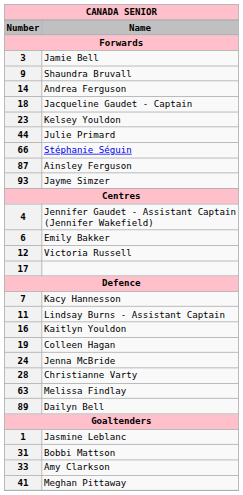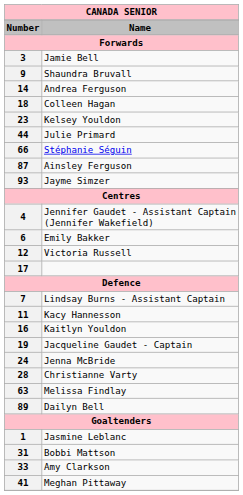 <table class="wikitable" style="text-align:left; font-size:90%;">
 <tr>
 <th style=background:pink colspan=3>CANADA SENIOR</th>
 </tr>
 <tr>
 </tr>
 <tr>
 <th width=10 style="background:silver;">Number</th>
 <th style="background:silver;">Name</th>
 </tr>
 <tr>
 <th style=background:pink colspan=3>Forwards</th>
 </tr>
 <tr>
 <th>3</th>
 <td>Jamie Bell</td>
 </tr>
 <tr>
 <th>9</th>
 <td>Shaundra Bruvall</td>
 </tr>
 <tr>
 <th>14</th>
 <td>Andrea Ferguson</td>
 </tr>
 <tr>
 <th>18</th>
-<td>Jacqueline Gaudet - Captain</td>
+<td>Colleen Hagan</td>
 </tr>
 <tr>
 <th>23</th>
 <td>Kelsey Youldon</td>
 </tr>
 <tr>
 <th>44</th>
 <td>Julie Primard</td>
 </tr>
 <tr>
 <th>66</th>
 <td><a href='#'>Stéphanie Séguin</a></td>
 </tr>
 <tr>
 <th>87</th>
 <td>Ainsley Ferguson</td>
 </tr>
 <tr>
 <th>93</th>
 <td>Jayme Simzer</td>
 </tr>
 <tr>
 <th style=background:pink colspan=2>Centres</th>
 </tr>
 <tr>
 <th>4</th>
 <td>Jennifer Gaudet - Assistant Captain<br>(Jennifer Wakefield)</td>
 </tr>
 <tr>
 <th>6</th>
 <td>Emily Bakker</td>
 </tr>
 <tr>
 <th>12</th>
 <td>Victoria Russell</td>
 </tr>
 <tr>
 <th>17</th>
 <td></td>
 </tr>
 <tr>
 <th style=background:pink colspan=2>Defence</th>
 </tr>
 <tr>
 <th>7</th>
-<td>Kacy Hannesson</td>
+<td>Lindsay Burns - Assistant Captain</td>
 </tr>
 <tr>
 <th>11</th>
-<td>Lindsay Burns - Assistant Captain</td>
+<td>Kacy Hannesson</td>
 </tr>
 <tr>
 <th>16</th>
 <td>Kaitlyn Youldon</td>
 </tr>
 <tr>
 <th>19</th>
-<td>Colleen Hagan</td>
+<td>Jacqueline Gaudet - Captain</td>
 </tr>
 <tr>
 <th>24</th>
 <td>Jenna McBride</td>
 </tr>
 <tr>
 <th>28</th>
 <td>Christianne Varty</td>
 </tr>
 <tr>
 <th>63</th>
 <td>Melissa Findlay</td>
 </tr>
 <tr>
 <th>89</th>
 <td>Dailyn Bell</td>
 </tr>
 <tr>
 <th style=background:pink colspan=2>Goaltenders</th>
 </tr>
 <tr>
 <th>1</th>
 <td>Jasmine Leblanc</td>
 </tr>
 <tr>
 <th>31</th>
 <td>Bobbi Mattson</td>
 </tr>
 <tr>
 <th>33</th>
 <td>Amy Clarkson</td>
 </tr>
 <tr>
 <th>41</th>
 <td>Meghan Pittaway</td>
 </tr>
 <tr>
 </tr>
 </table>
